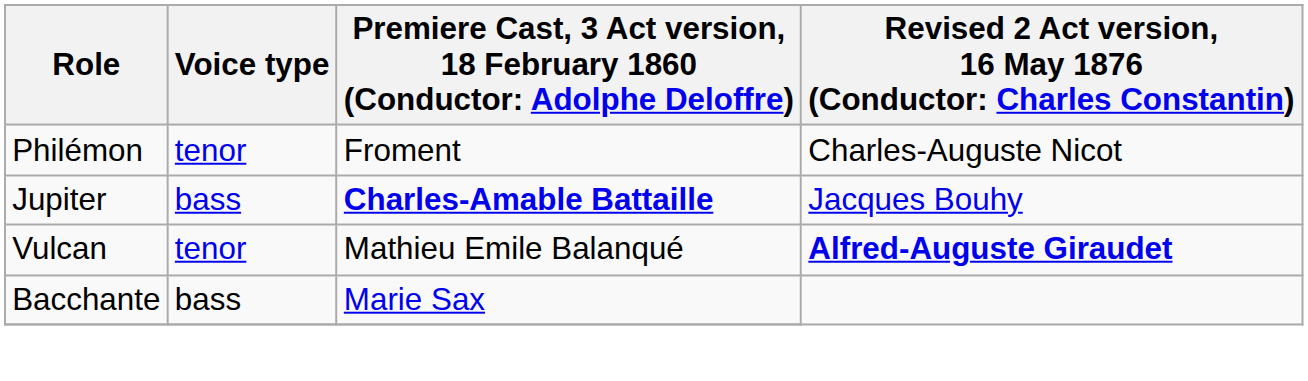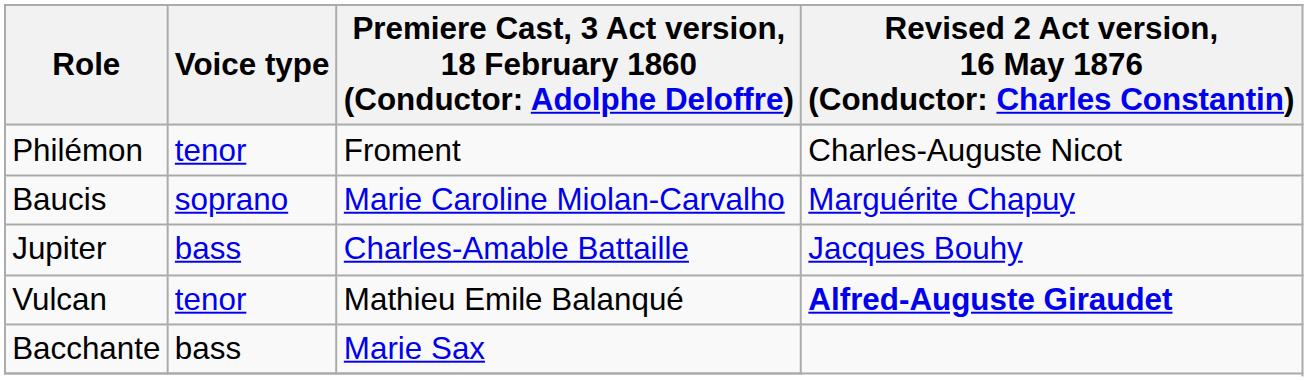 <table class="wikitable">
 <tr>
 <th>Role</th>
 <th>Voice type</th>
 <th>Premiere Cast, 3 Act version,<br> 18 February 1860<br>(Conductor: <a href='#'>Adolphe Deloffre</a>)</th>
 <th>Revised 2 Act version,<br>16 May 1876<br>(Conductor: <a href='#'> Charles Constantin</a>)</th>
 </tr>
 <tr>
 <td>Philémon</td>
 <td><a href='#'>tenor</a></td>
 <td>Froment</td>
 <td>Charles-Auguste Nicot</td>
 </tr>
 <tr>
+<td>Baucis</td>
+<td><a href='#'>soprano</a></td>
+<td><a href='#'>Marie Caroline Miolan-Carvalho</a></td>
+<td><a href='#'>Marguérite Chapuy</a></td>
+</tr>
+<tr>
 <td>Jupiter</td>
 <td><a href='#'>bass</a></td>
-<td><strong><a href='#'>Charles-Amable Battaille</a></strong></td>
+<td><a href='#'>Charles-Amable Battaille</a></td>
 <td><a href='#'>Jacques Bouhy</a></td>
 </tr>
 <tr>
 <td>Vulcan</td>
 <td><a href='#'>tenor</a></td>
 <td>Mathieu Emile Balanqué</td>
 <td><strong><a href='#'>Alfred-Auguste Giraudet</a></strong></td>
 </tr>
 <tr>
 <td>Bacchante</td>
 <td>bass</td>
 <td><a href='#'>Marie Sax</a></td>
 </tr>
 <tr>
 </tr>
 </table>
